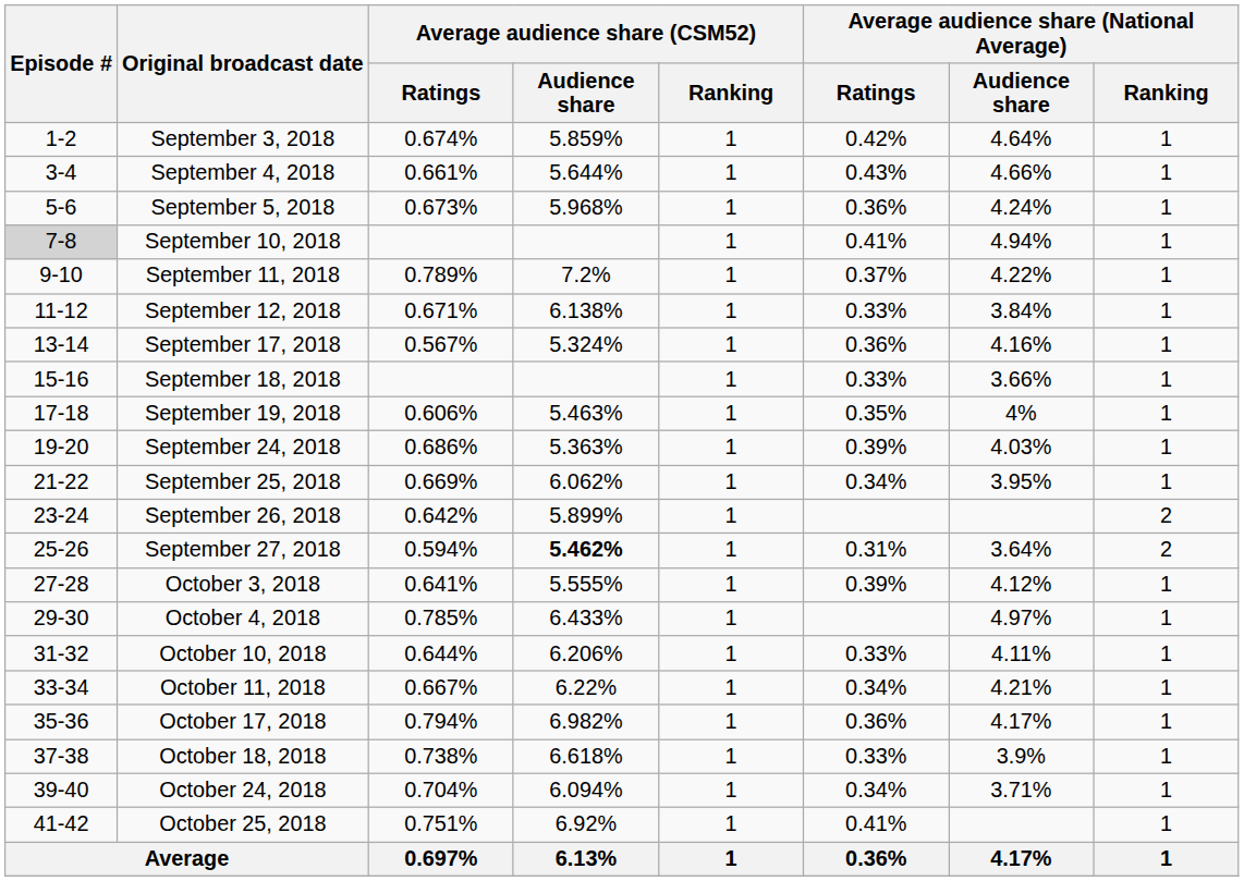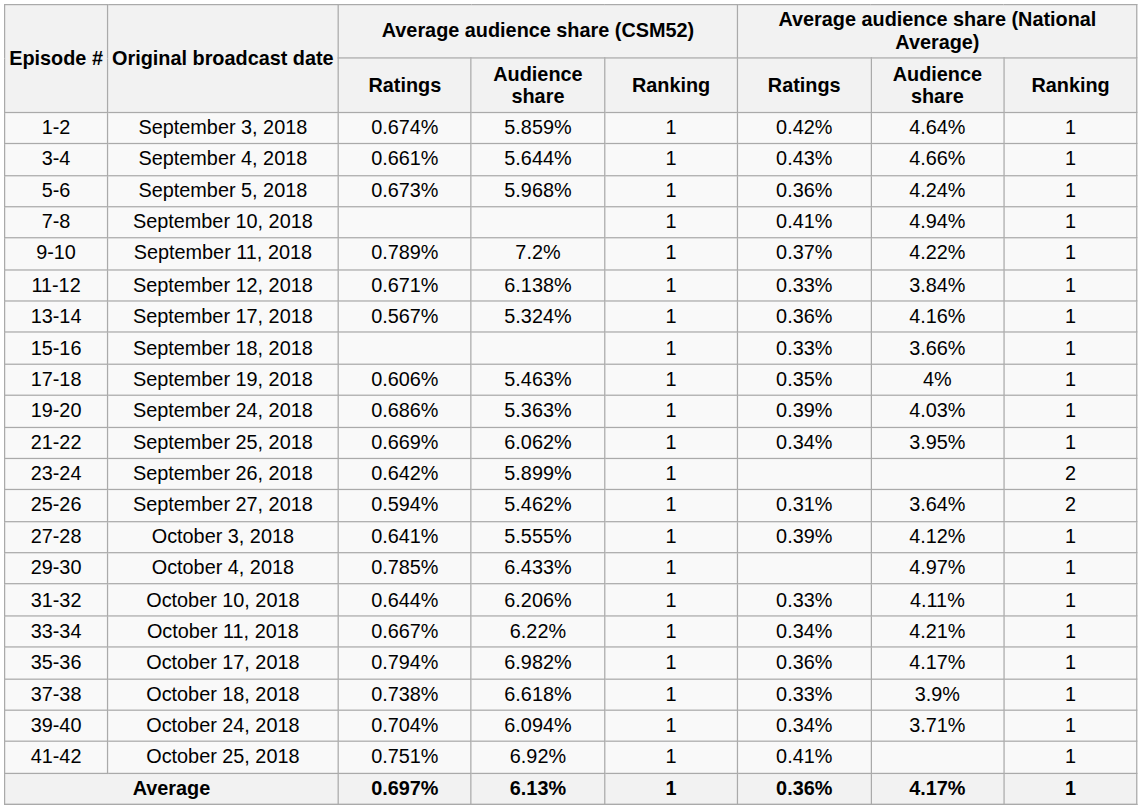 <table class=wikitable style="text-align:center">
 <tr>
 <th rowspan="2">Episode #</th>
 <th rowspan="2">Original broadcast date</th>
 <th colspan="3">Average audience share (CSM52)</th>
 <th colspan="3">Average audience share (National Average)</th>
 </tr>
 <tr>
 <th width=100>Ratings</th>
 <th width=100>Audience share</th>
 <th width=100>Ranking</th>
 <th width=100>Ratings</th>
 <th width=100>Audience share</th>
 <th width=100>Ranking</th>
 </tr>
 <tr>
 <td>1-2</td>
 <td>September 3, 2018</td>
 <td>0.674%</td>
 <td>5.859%</td>
 <td>1</td>
 <td>0.42%</td>
 <td>4.64%</td>
 <td>1</td>
 </tr>
 <tr>
 <td>3-4</td>
 <td>September 4, 2018</td>
 <td>0.661%</td>
 <td>5.644%</td>
 <td>1</td>
 <td>0.43%</td>
 <td>4.66%</td>
 <td>1</td>
 </tr>
 <tr>
 <td>5-6</td>
 <td>September 5, 2018</td>
 <td>0.673%</td>
 <td>5.968%</td>
 <td>1</td>
 <td>0.36%</td>
 <td>4.24%</td>
 <td>1</td>
 </tr>
 <tr>
-<td style="background: lightgrey;">7-8</td>
+<td>7-8</td>
 <td>September 10, 2018</td>
 <td></td>
 <td></td>
 <td>1</td>
 <td>0.41%</td>
 <td>4.94%</td>
 <td>1</td>
 </tr>
 <tr>
 <td>9-10</td>
 <td>September 11, 2018</td>
 <td>0.789%</td>
 <td>7.2%</td>
 <td>1</td>
 <td>0.37%</td>
 <td>4.22%</td>
 <td>1</td>
 </tr>
 <tr>
 <td>11-12</td>
 <td>September 12, 2018</td>
 <td>0.671%</td>
 <td>6.138%</td>
 <td>1</td>
 <td>0.33%</td>
 <td>3.84%</td>
 <td>1</td>
 </tr>
 <tr>
 <td>13-14</td>
 <td>September 17, 2018</td>
 <td>0.567%</td>
 <td>5.324%</td>
 <td>1</td>
 <td>0.36%</td>
 <td>4.16%</td>
 <td>1</td>
 </tr>
 <tr>
 <td>15-16</td>
 <td>September 18, 2018</td>
 <td></td>
 <td></td>
 <td>1</td>
 <td>0.33%</td>
 <td>3.66%</td>
 <td>1</td>
 </tr>
 <tr>
 <td>17-18</td>
 <td>September 19, 2018</td>
 <td>0.606%</td>
 <td>5.463%</td>
 <td>1</td>
 <td>0.35%</td>
 <td>4%</td>
 <td>1</td>
 </tr>
 <tr>
 <td>19-20</td>
 <td>September 24, 2018</td>
 <td>0.686%</td>
 <td>5.363%</td>
 <td>1</td>
 <td>0.39%</td>
 <td>4.03%</td>
 <td>1</td>
 </tr>
 <tr>
 <td>21-22</td>
 <td>September 25, 2018</td>
 <td>0.669%</td>
 <td>6.062%</td>
 <td>1</td>
 <td>0.34%</td>
 <td>3.95%</td>
 <td>1</td>
 </tr>
 <tr>
 <td>23-24</td>
 <td>September 26, 2018</td>
 <td>0.642%</td>
 <td>5.899%</td>
 <td>1</td>
 <td></td>
 <td></td>
 <td>2</td>
 </tr>
 <tr>
 <td>25-26</td>
 <td>September 27, 2018</td>
 <td>0.594%</td>
-<td><strong>5.462%</strong></td>
+<td>5.462%</td>
 <td>1</td>
 <td>0.31%</td>
 <td>3.64%</td>
 <td>2</td>
 </tr>
 <tr>
 <td>27-28</td>
 <td>October 3, 2018</td>
 <td>0.641%</td>
 <td>5.555%</td>
 <td>1</td>
 <td>0.39%</td>
 <td>4.12%</td>
 <td>1</td>
 </tr>
 <tr>
 <td>29-30</td>
 <td>October 4, 2018</td>
 <td>0.785%</td>
 <td>6.433%</td>
 <td>1</td>
 <td></td>
 <td>4.97%</td>
 <td>1</td>
 </tr>
 <tr>
 <td>31-32</td>
 <td>October 10, 2018</td>
 <td>0.644%</td>
 <td>6.206%</td>
 <td>1</td>
 <td>0.33%</td>
 <td>4.11%</td>
 <td>1</td>
 </tr>
 <tr>
 <td>33-34</td>
 <td>October 11, 2018</td>
 <td>0.667%</td>
 <td>6.22%</td>
 <td>1</td>
 <td>0.34%</td>
 <td>4.21%</td>
 <td>1</td>
 </tr>
 <tr>
 <td>35-36</td>
 <td>October 17, 2018</td>
 <td>0.794%</td>
 <td>6.982%</td>
 <td>1</td>
 <td>0.36%</td>
 <td>4.17%</td>
 <td>1</td>
 </tr>
 <tr>
 <td>37-38</td>
 <td>October 18, 2018</td>
 <td>0.738%</td>
 <td>6.618%</td>
 <td>1</td>
 <td>0.33%</td>
 <td>3.9%</td>
 <td>1</td>
 </tr>
 <tr>
 <td>39-40</td>
 <td>October 24, 2018</td>
 <td>0.704%</td>
 <td>6.094%</td>
 <td>1</td>
 <td>0.34%</td>
 <td>3.71%</td>
 <td>1</td>
 </tr>
 <tr>
 <td>41-42</td>
 <td>October 25, 2018</td>
 <td>0.751%</td>
 <td>6.92%</td>
 <td>1</td>
 <td>0.41%</td>
 <td></td>
 <td>1</td>
 </tr>
 <tr>
 <th colspan=2>Average</th>
 <th>0.697%</th>
 <th>6.13%</th>
 <th>1</th>
 <th>0.36%</th>
 <th>4.17%</th>
 <th>1</th>
 </tr>
 <tr>
 </tr>
 </table>
